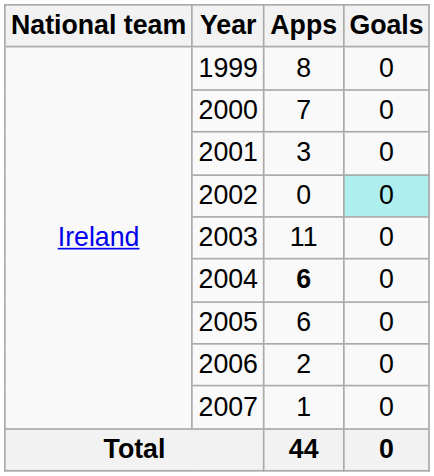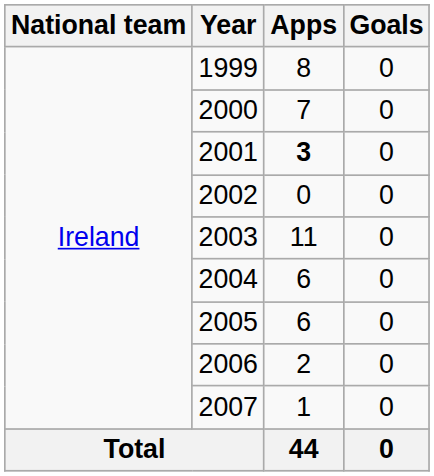 <table class="wikitable" style="text-align:center">
 <tr>
 <th>National team</th>
 <th>Year</th>
 <th>Apps</th>
 <th>Goals</th>
 </tr>
 <tr>
 <td rowspan="9"><a href='#'>Ireland</a></td>
 <td>1999</td>
 <td>8</td>
 <td>0</td>
 </tr>
 <tr>
 <td>2000</td>
 <td>7</td>
 <td>0</td>
 </tr>
 <tr>
 <td>2001</td>
-<td>3</td>
+<td><strong>3</strong></td>
 <td>0</td>
 </tr>
 <tr>
 <td>2002</td>
 <td>0</td>
-<td style="background: paleturquoise;">0</td>
+<td>0</td>
 </tr>
 <tr>
 <td>2003</td>
 <td>11</td>
 <td>0</td>
 </tr>
 <tr>
 <td>2004</td>
-<td><strong>6</strong></td>
+<td>6</td>
 <td>0</td>
 </tr>
 <tr>
 <td>2005</td>
 <td>6</td>
 <td>0</td>
 </tr>
 <tr>
 <td>2006</td>
 <td>2</td>
 <td>0</td>
 </tr>
 <tr>
 <td>2007</td>
 <td>1</td>
 <td>0</td>
 </tr>
 <tr>
 <th colspan="2">Total</th>
 <th>44</th>
 <th>0</th>
 </tr>
 </table>
